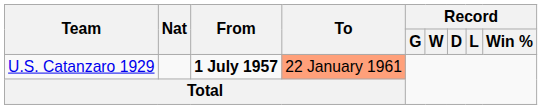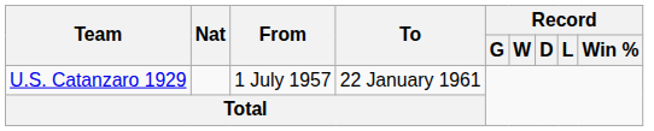 <table class="wikitable" style="text-align: center">
 <tr>
 <th rowspan="2">Team</th>
 <th rowspan="2">Nat</th>
 <th rowspan="2">From</th>
 <th rowspan="2">To</th>
 <th colspan="5">Record</th>
 </tr>
 <tr>
 <th>G</th>
 <th>W</th>
 <th>D</th>
 <th>L</th>
 <th>Win %</th>
 </tr>
 <tr>
 <td align=left><a href='#'>U.S. Catanzaro 1929</a></td>
 <td></td>
-<td align=left><strong>1 July 1957</strong></td>
-<td align=left style="background: lightsalmon;">22 January 1961<br></td>
+<td align=left>1 July 1957</td>
+<td align=left>22 January 1961<br></td>
 </tr>
 <tr>
 <th colspan="4">Total<br></th>
 </tr>
 </table>
